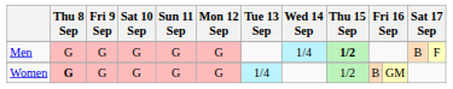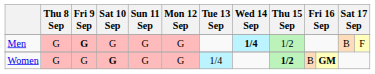 <table class="wikitable" style="margin:0.5em auto; font-size:90%; line-height:1.25em;">
 <tr align="center">
 <th></th>
 <th>Thu 8<br>Sep</th>
 <th>Fri 9<br>Sep</th>
 <th>Sat 10<br>Sep</th>
 <th>Sun 11<br>Sep</th>
 <th>Mon 12<br>Sep</th>
 <th>Tue 13<br>Sep</th>
 <th>Wed 14<br>Sep</th>
 <th>Thu 15<br>Sep</th>
 <th colspan="2">Fri 16<br>Sep</th>
 <th colspan="2">Sat 17<br>Sep</th>
 </tr>
 <tr>
 </tr>
 <tr align="center">
 <td align="left"><a href='#'>Men</a></td>
 <td bgcolor="#FFBBBB">G</td>
-<td bgcolor="#FFBBBB">G</td>
+<td bgcolor="#FFBBBB"><strong>G</strong></td>
 <td bgcolor="#FFBBBB">G</td>
 <td bgcolor="#FFBBBB">G</td>
 <td bgcolor="#FFBBBB">G</td>
 <td></td>
-<td bgcolor="#BBF3FF">1/4</td>
-<td bgcolor="#BBF3BB"><strong>1/2</strong></td>
+<td bgcolor="#BBF3FF"><strong>1/4</strong></td>
+<td bgcolor="#BBF3BB">1/2</td>
 <td colspan="2"></td>
 <td bgcolor="#FEDCBA">B</td>
 <td bgcolor="#FFFFBB">F</td>
 </tr>
 <tr>
 </tr>
 <tr align="center">
 <td align="left"><a href='#'>Women</a></td>
-<td bgcolor="#FFBBBB"><strong>G</strong></td>
 <td bgcolor="#FFBBBB">G</td>
 <td bgcolor="#FFBBBB">G</td>
+<td bgcolor="#FFBBBB"><strong>G</strong></td>
 <td bgcolor="#FFBBBB">G</td>
 <td bgcolor="#FFBBBB">G</td>
 <td bgcolor="#BBF3FF">1/4</td>
 <td></td>
-<td bgcolor="#BBF3BB">1/2</td>
+<td bgcolor="#BBF3BB"><strong>1/2</strong></td>
 <td bgcolor="#FEDCBA">B</td>
-<td bgcolor="#FFFFBB">GM</td>
+<td bgcolor="#FFFFBB"><strong>GM</strong></td>
 </tr>
 </table>
